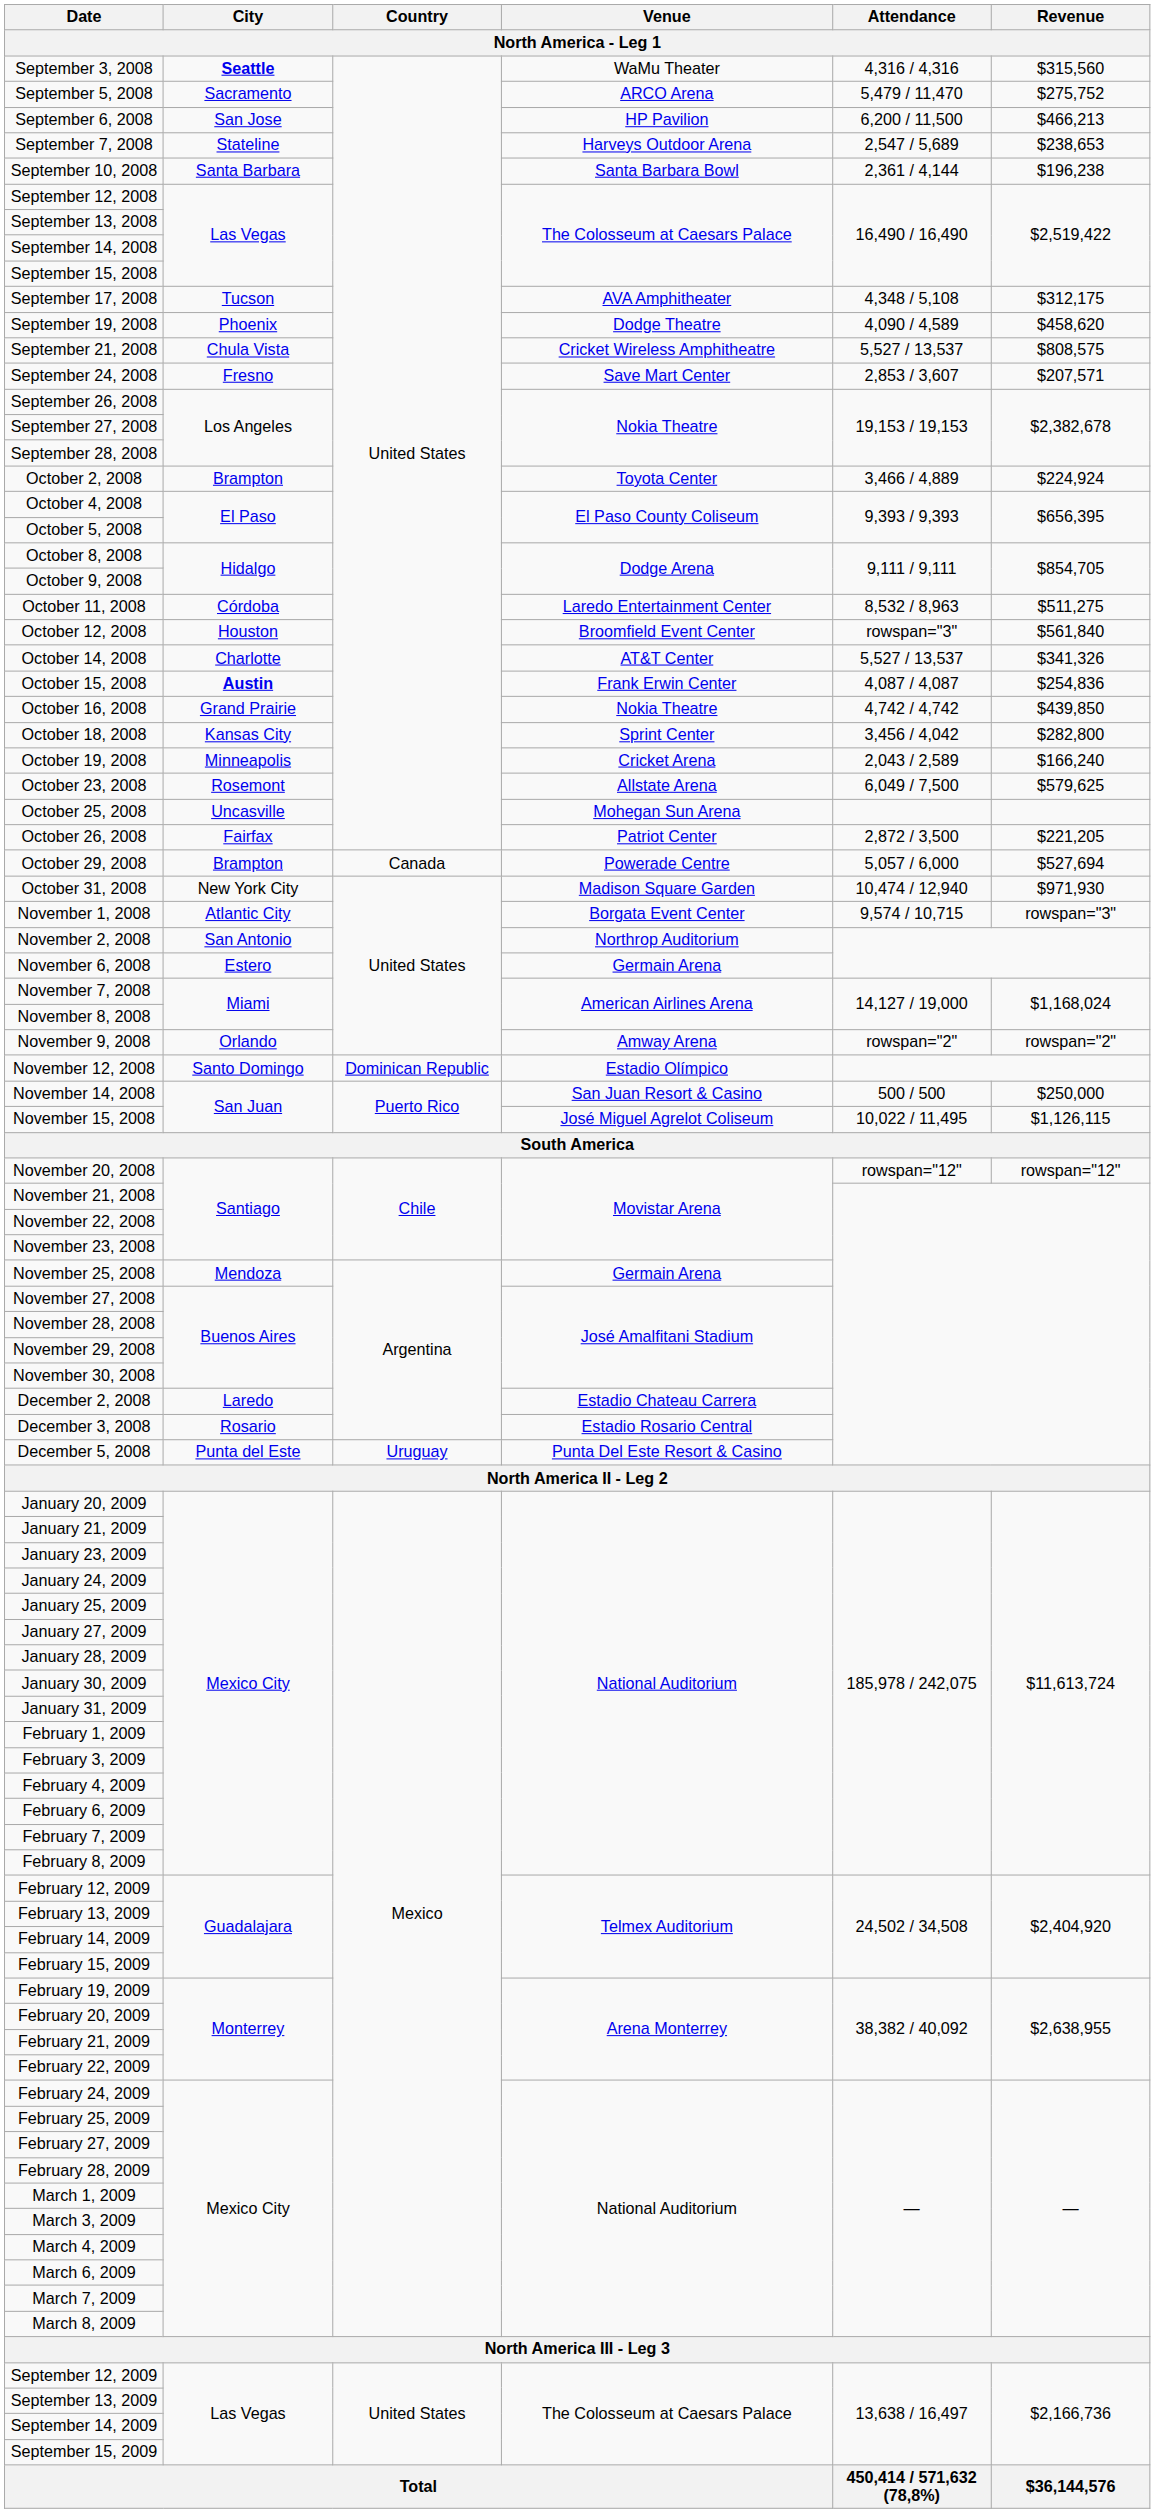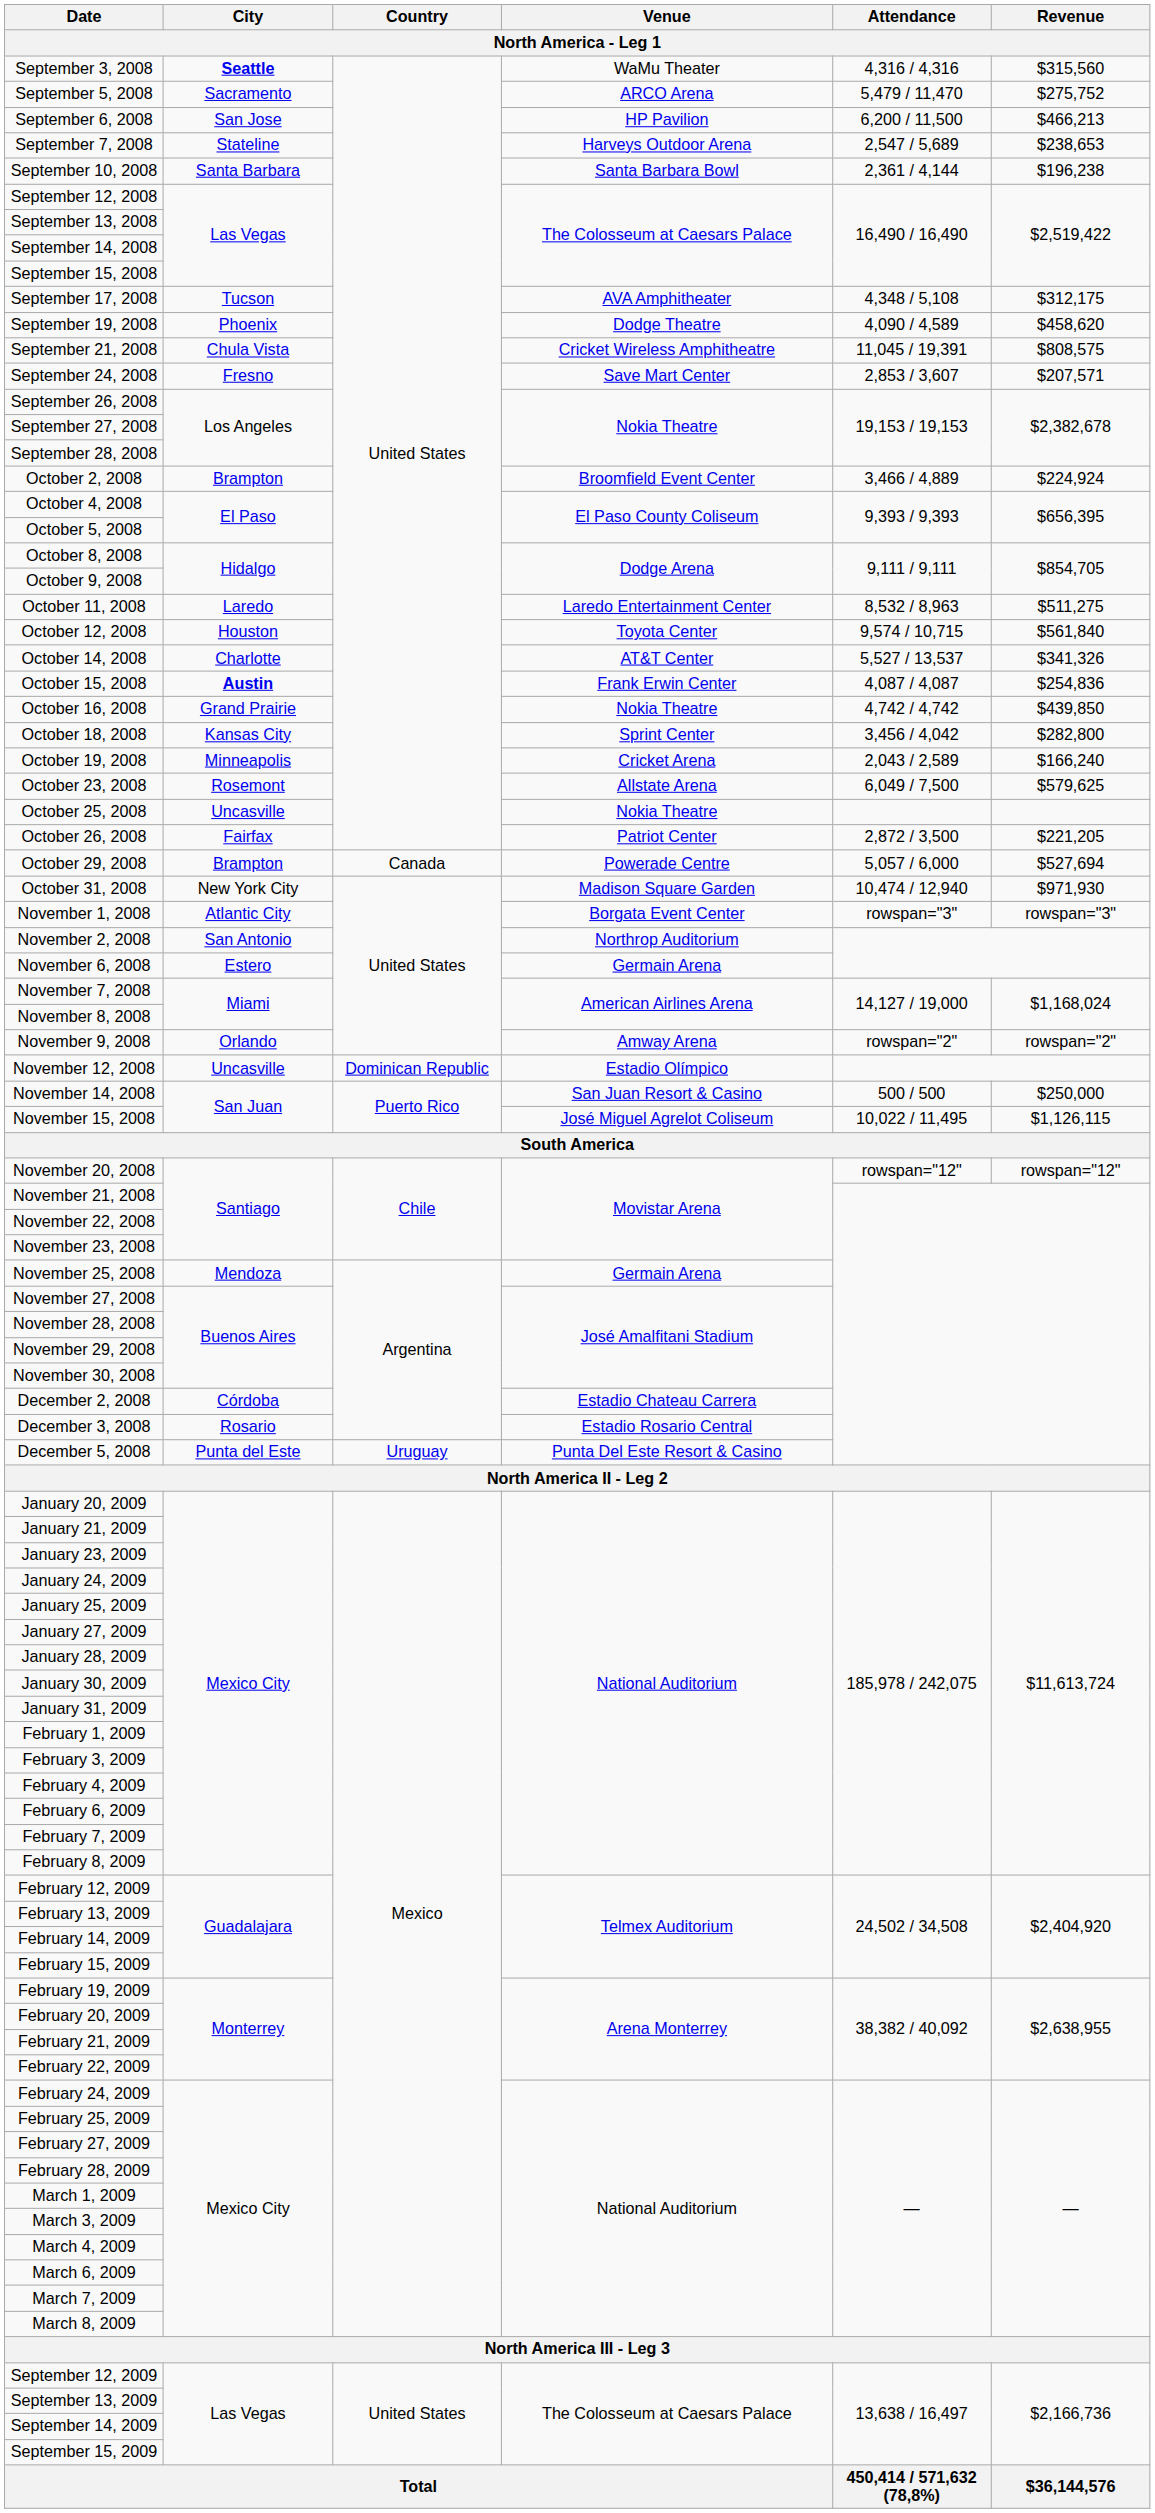 <table class="wikitable plainrowheaders" style="text-align:center;">
 <tr>
 <th width="150">Date</th>
 <th width="160">City</th>
 <th width="160">Country</th>
 <th width="320">Venue</th>
 <th width="150">Attendance</th>
 <th width="150">Revenue</th>
 </tr>
 <tr>
 <th colspan="7">North America - Leg 1 </th>
 </tr>
 <tr>
 <td>September 3, 2008</td>
 <td><strong><a href='#'>Seattle</a></strong></td>
 <td rowspan="31">United States</td>
 <td>WaMu Theater</td>
 <td>4,316 / 4,316</td>
 <td>$315,560</td>
 </tr>
 <tr>
 <td>September 5, 2008</td>
 <td><a href='#'>Sacramento</a></td>
 <td><a href='#'>ARCO Arena</a></td>
 <td>5,479 / 11,470</td>
 <td>$275,752</td>
 </tr>
 <tr>
 <td>September 6, 2008</td>
 <td><a href='#'>San Jose</a></td>
 <td><a href='#'>HP Pavilion</a></td>
 <td>6,200 / 11,500</td>
 <td>$466,213</td>
 </tr>
 <tr>
 <td>September 7, 2008</td>
 <td><a href='#'>Stateline</a></td>
 <td><a href='#'>Harveys Outdoor Arena</a></td>
 <td>2,547 / 5,689</td>
 <td>$238,653</td>
 </tr>
 <tr>
 <td>September 10, 2008</td>
 <td><a href='#'>Santa Barbara</a></td>
 <td><a href='#'>Santa Barbara Bowl</a></td>
 <td>2,361 / 4,144</td>
 <td>$196,238</td>
 </tr>
 <tr>
 <td>September 12, 2008</td>
 <td rowspan="4"><a href='#'>Las Vegas</a></td>
 <td rowspan="4"><a href='#'>The Colosseum at Caesars Palace</a></td>
 <td rowspan="4">16,490 / 16,490</td>
 <td rowspan="4">$2,519,422</td>
 </tr>
 <tr>
 <td>September 13, 2008</td>
 </tr>
 <tr>
 <td>September 14, 2008</td>
 </tr>
 <tr>
 <td>September 15, 2008</td>
 </tr>
 <tr>
 <td>September 17, 2008</td>
 <td><a href='#'>Tucson</a></td>
 <td><a href='#'>AVA Amphitheater</a></td>
 <td>4,348 / 5,108</td>
 <td>$312,175</td>
 </tr>
 <tr>
 <td>September 19, 2008</td>
 <td><a href='#'>Phoenix</a></td>
 <td><a href='#'>Dodge Theatre</a></td>
 <td>4,090 / 4,589</td>
 <td>$458,620</td>
 </tr>
 <tr>
 <td>September 21, 2008</td>
 <td><a href='#'>Chula Vista</a></td>
 <td><a href='#'>Cricket Wireless Amphitheatre</a></td>
-<td>5,527 / 13,537</td>
+<td>11,045 / 19,391</td>
 <td>$808,575</td>
 </tr>
 <tr>
 <td>September 24, 2008</td>
 <td><a href='#'>Fresno</a></td>
 <td><a href='#'>Save Mart Center</a></td>
 <td>2,853 / 3,607</td>
 <td>$207,571</td>
 </tr>
 <tr>
 <td>September 26, 2008</td>
 <td rowspan="3">Los Angeles</td>
 <td rowspan="3"><a href='#'>Nokia Theatre</a></td>
 <td rowspan="3">19,153 / 19,153</td>
 <td rowspan="3">$2,382,678</td>
 </tr>
 <tr>
 <td>September 27, 2008</td>
 </tr>
 <tr>
 <td>September 28, 2008</td>
 </tr>
 <tr>
 <td>October 2, 2008</td>
 <td><a href='#'>Brampton</a></td>
-<td><a href='#'>Toyota Center</a></td>
+<td><a href='#'>Broomfield Event Center</a></td>
 <td>3,466 / 4,889</td>
 <td>$224,924</td>
 </tr>
 <tr>
 <td>October 4, 2008</td>
 <td rowspan="2"><a href='#'>El Paso</a></td>
 <td rowspan="2"><a href='#'>El Paso County Coliseum</a></td>
 <td rowspan="2">9,393 / 9,393</td>
 <td rowspan="2">$656,395</td>
 </tr>
 <tr>
 <td>October 5, 2008</td>
 </tr>
 <tr>
 <td>October 8, 2008</td>
 <td rowspan="2"><a href='#'>Hidalgo</a></td>
 <td rowspan="2"><a href='#'>Dodge Arena</a></td>
 <td rowspan="2">9,111 / 9,111</td>
 <td rowspan="2">$854,705</td>
 </tr>
 <tr>
 <td>October 9, 2008</td>
 </tr>
 <tr>
 <td>October 11, 2008</td>
-<td><a href='#'>Córdoba</a></td>
+<td><a href='#'>Laredo</a></td>
 <td><a href='#'>Laredo Entertainment Center</a></td>
 <td>8,532 / 8,963</td>
 <td>$511,275</td>
 </tr>
 <tr>
 <td>October 12, 2008</td>
 <td><a href='#'>Houston</a></td>
-<td><a href='#'>Broomfield Event Center</a></td>
-<td>rowspan="3" </td>
+<td><a href='#'>Toyota Center</a></td>
+<td>9,574 / 10,715</td>
 <td>$561,840</td>
 </tr>
 <tr>
 <td>October 14, 2008</td>
 <td><a href='#'>Charlotte</a></td>
 <td><a href='#'>AT&T Center</a></td>
 <td>5,527 / 13,537</td>
 <td>$341,326</td>
 </tr>
 <tr>
 <td>October 15, 2008</td>
 <td><strong><a href='#'>Austin</a></strong></td>
 <td><a href='#'>Frank Erwin Center</a></td>
 <td>4,087 / 4,087</td>
 <td>$254,836</td>
 </tr>
 <tr>
 <td>October 16, 2008</td>
 <td><a href='#'>Grand Prairie</a></td>
 <td><a href='#'>Nokia Theatre</a></td>
 <td>4,742 / 4,742</td>
 <td>$439,850</td>
 </tr>
 <tr>
 <td>October 18, 2008</td>
 <td><a href='#'>Kansas City</a></td>
 <td><a href='#'>Sprint Center</a></td>
 <td>3,456 / 4,042</td>
 <td>$282,800</td>
 </tr>
 <tr>
 <td>October 19, 2008</td>
 <td><a href='#'>Minneapolis</a></td>
 <td><a href='#'>Cricket Arena</a></td>
 <td>2,043 / 2,589</td>
 <td>$166,240</td>
 </tr>
 <tr>
 <td>October 23, 2008</td>
 <td><a href='#'>Rosemont</a></td>
 <td><a href='#'>Allstate Arena</a></td>
 <td>6,049 / 7,500</td>
 <td>$579,625</td>
 </tr>
 <tr>
 <td>October 25, 2008</td>
 <td><a href='#'>Uncasville</a></td>
-<td><a href='#'>Mohegan Sun Arena</a></td>
+<td><a href='#'>Nokia Theatre</a></td>
 <td></td>
 <td></td>
 </tr>
 <tr>
 <td>October 26, 2008</td>
 <td><a href='#'>Fairfax</a></td>
 <td><a href='#'>Patriot Center</a></td>
 <td>2,872 / 3,500</td>
 <td>$221,205</td>
 </tr>
 <tr>
 <td>October 29, 2008</td>
 <td><a href='#'>Brampton</a></td>
 <td>Canada</td>
 <td><a href='#'>Powerade Centre</a></td>
 <td>5,057 / 6,000</td>
 <td>$527,694</td>
 </tr>
 <tr>
 <td>October 31, 2008</td>
 <td>New York City</td>
 <td rowspan="7">United States</td>
 <td><a href='#'>Madison Square Garden</a></td>
 <td>10,474 / 12,940</td>
 <td>$971,930</td>
 </tr>
 <tr>
 <td>November 1, 2008</td>
 <td><a href='#'>Atlantic City</a></td>
 <td><a href='#'>Borgata Event Center</a></td>
-<td>9,574 / 10,715</td>
+<td>rowspan="3" </td>
 <td>rowspan="3" </td>
 </tr>
 <tr>
 <td>November 2, 2008</td>
 <td><a href='#'>San Antonio</a></td>
 <td><a href='#'>Northrop Auditorium</a></td>
 </tr>
 <tr>
 <td>November 6, 2008</td>
 <td><a href='#'>Estero</a></td>
 <td><a href='#'>Germain Arena</a></td>
 </tr>
 <tr>
 <td>November 7, 2008</td>
 <td rowspan="2"><a href='#'>Miami</a></td>
 <td rowspan="2"><a href='#'>American Airlines Arena</a></td>
 <td rowspan="2">14,127 / 19,000</td>
 <td rowspan="2">$1,168,024</td>
 </tr>
 <tr>
 <td>November 8, 2008</td>
 </tr>
 <tr>
 <td>November 9, 2008</td>
 <td><a href='#'>Orlando</a></td>
 <td><a href='#'>Amway Arena</a></td>
 <td>rowspan="2" </td>
 <td>rowspan="2" </td>
 </tr>
 <tr>
 <td>November 12, 2008</td>
-<td><a href='#'>Santo Domingo</a></td>
+<td><a href='#'>Uncasville</a></td>
 <td><a href='#'>Dominican Republic</a></td>
 <td><a href='#'>Estadio Olímpico</a></td>
 </tr>
 <tr>
 <td>November 14, 2008</td>
 <td rowspan="2"><a href='#'>San Juan</a></td>
 <td rowspan="2"><a href='#'>Puerto Rico</a></td>
 <td><a href='#'>San Juan Resort & Casino</a></td>
 <td>500 / 500</td>
 <td>$250,000</td>
 </tr>
 <tr>
 <td>November 15, 2008</td>
 <td><a href='#'>José Miguel Agrelot Coliseum</a></td>
 <td>10,022 / 11,495</td>
 <td>$1,126,115</td>
 </tr>
 <tr>
 <th colspan="7">South America</th>
 </tr>
 <tr>
 <td>November 20, 2008</td>
 <td rowspan="4"><a href='#'>Santiago</a></td>
 <td rowspan="4"><a href='#'>Chile</a></td>
 <td rowspan="4"><a href='#'>Movistar Arena</a></td>
 <td>rowspan="12" </td>
 <td>rowspan="12" </td>
 </tr>
 <tr>
 <td>November 21, 2008</td>
 </tr>
 <tr>
 <td>November 22, 2008</td>
 </tr>
 <tr>
 <td>November 23, 2008</td>
 </tr>
 <tr>
 <td>November 25, 2008</td>
 <td><a href='#'>Mendoza</a></td>
 <td rowspan="7">Argentina</td>
 <td><a href='#'>Germain Arena</a></td>
 </tr>
 <tr>
 <td>November 27, 2008</td>
 <td rowspan="4"><a href='#'>Buenos Aires</a></td>
 <td rowspan="4"><a href='#'>José Amalfitani Stadium</a></td>
 </tr>
 <tr>
 <td>November 28, 2008</td>
 </tr>
 <tr>
 <td>November 29, 2008</td>
 </tr>
 <tr>
 <td>November 30, 2008</td>
 </tr>
 <tr>
 <td>December 2, 2008</td>
-<td><a href='#'>Laredo</a></td>
+<td><a href='#'>Córdoba</a></td>
 <td><a href='#'>Estadio Chateau Carrera</a></td>
 </tr>
 <tr>
 <td>December 3, 2008</td>
 <td><a href='#'>Rosario</a></td>
 <td><a href='#'>Estadio Rosario Central</a></td>
 </tr>
 <tr>
 <td>December 5, 2008</td>
 <td><a href='#'>Punta del Este</a></td>
 <td><a href='#'>Uruguay</a></td>
 <td><a href='#'>Punta Del Este Resort & Casino</a></td>
 </tr>
 <tr>
 <th colspan="7">North America II - Leg 2</th>
 </tr>
 <tr>
 <td>January 20, 2009</td>
 <td rowspan="15"><a href='#'>Mexico City</a></td>
 <td rowspan="33">Mexico</td>
 <td rowspan="15"><a href='#'>National Auditorium</a></td>
 <td rowspan="15">185,978 / 242,075</td>
 <td rowspan="15">$11,613,724</td>
 </tr>
 <tr>
 <td>January 21, 2009</td>
 </tr>
 <tr>
 <td>January 23, 2009</td>
 </tr>
 <tr>
 <td>January 24, 2009</td>
 </tr>
 <tr>
 <td>January 25, 2009</td>
 </tr>
 <tr>
 <td>January 27, 2009</td>
 </tr>
 <tr>
 <td>January 28, 2009</td>
 </tr>
 <tr>
 <td>January 30, 2009</td>
 </tr>
 <tr>
 <td>January 31, 2009</td>
 </tr>
 <tr>
 <td>February 1, 2009</td>
 </tr>
 <tr>
 <td>February 3, 2009</td>
 </tr>
 <tr>
 <td>February 4, 2009</td>
 </tr>
 <tr>
 <td>February 6, 2009</td>
 </tr>
 <tr>
 <td>February 7, 2009</td>
 </tr>
 <tr>
 <td>February 8, 2009</td>
 </tr>
 <tr>
 <td>February 12, 2009</td>
 <td rowspan="4"><a href='#'>Guadalajara</a></td>
 <td rowspan="4"><a href='#'>Telmex Auditorium</a></td>
 <td rowspan="4">24,502 / 34,508</td>
 <td rowspan="4">$2,404,920</td>
 </tr>
 <tr>
 <td>February 13, 2009</td>
 </tr>
 <tr>
 <td>February 14, 2009</td>
 </tr>
 <tr>
 <td>February 15, 2009</td>
 </tr>
 <tr>
 <td>February 19, 2009</td>
 <td rowspan="4"><a href='#'>Monterrey</a></td>
 <td rowspan="4"><a href='#'>Arena Monterrey</a></td>
 <td rowspan="4">38,382 / 40,092</td>
 <td rowspan="4">$2,638,955</td>
 </tr>
 <tr>
 <td>February 20, 2009</td>
 </tr>
 <tr>
 <td>February 21, 2009</td>
 </tr>
 <tr>
 <td>February 22, 2009</td>
 </tr>
 <tr>
 <td>February 24, 2009</td>
 <td rowspan="10">Mexico City</td>
 <td rowspan="10">National Auditorium</td>
 <td rowspan="10">—</td>
 <td rowspan="10">—</td>
 </tr>
 <tr>
 <td>February 25, 2009</td>
 </tr>
 <tr>
 <td>February 27, 2009</td>
 </tr>
 <tr>
 <td>February 28, 2009</td>
 </tr>
 <tr>
 <td>March 1, 2009</td>
 </tr>
 <tr>
 <td>March 3, 2009</td>
 </tr>
 <tr>
 <td>March 4, 2009</td>
 </tr>
 <tr>
 <td>March 6, 2009</td>
 </tr>
 <tr>
 <td>March 7, 2009</td>
 </tr>
 <tr>
 <td>March 8, 2009</td>
 </tr>
 <tr>
 <th colspan="7">North America III - Leg 3</th>
 </tr>
 <tr>
 <td>September 12, 2009</td>
 <td rowspan="4">Las Vegas</td>
 <td rowspan="4">United States</td>
 <td rowspan="4">The Colosseum at Caesars Palace</td>
 <td rowspan="4">13,638 / 16,497</td>
 <td rowspan="4">$2,166,736</td>
 </tr>
 <tr>
 <td>September 13, 2009</td>
 </tr>
 <tr>
 <td>September 14, 2009</td>
 </tr>
 <tr>
 <td>September 15, 2009</td>
 </tr>
 <tr>
 <th colspan="4">Total</th>
 <th>450,414 / 571,632 (78,8%)</th>
 <th>$36,144,576</th>
 </tr>
 </table>
